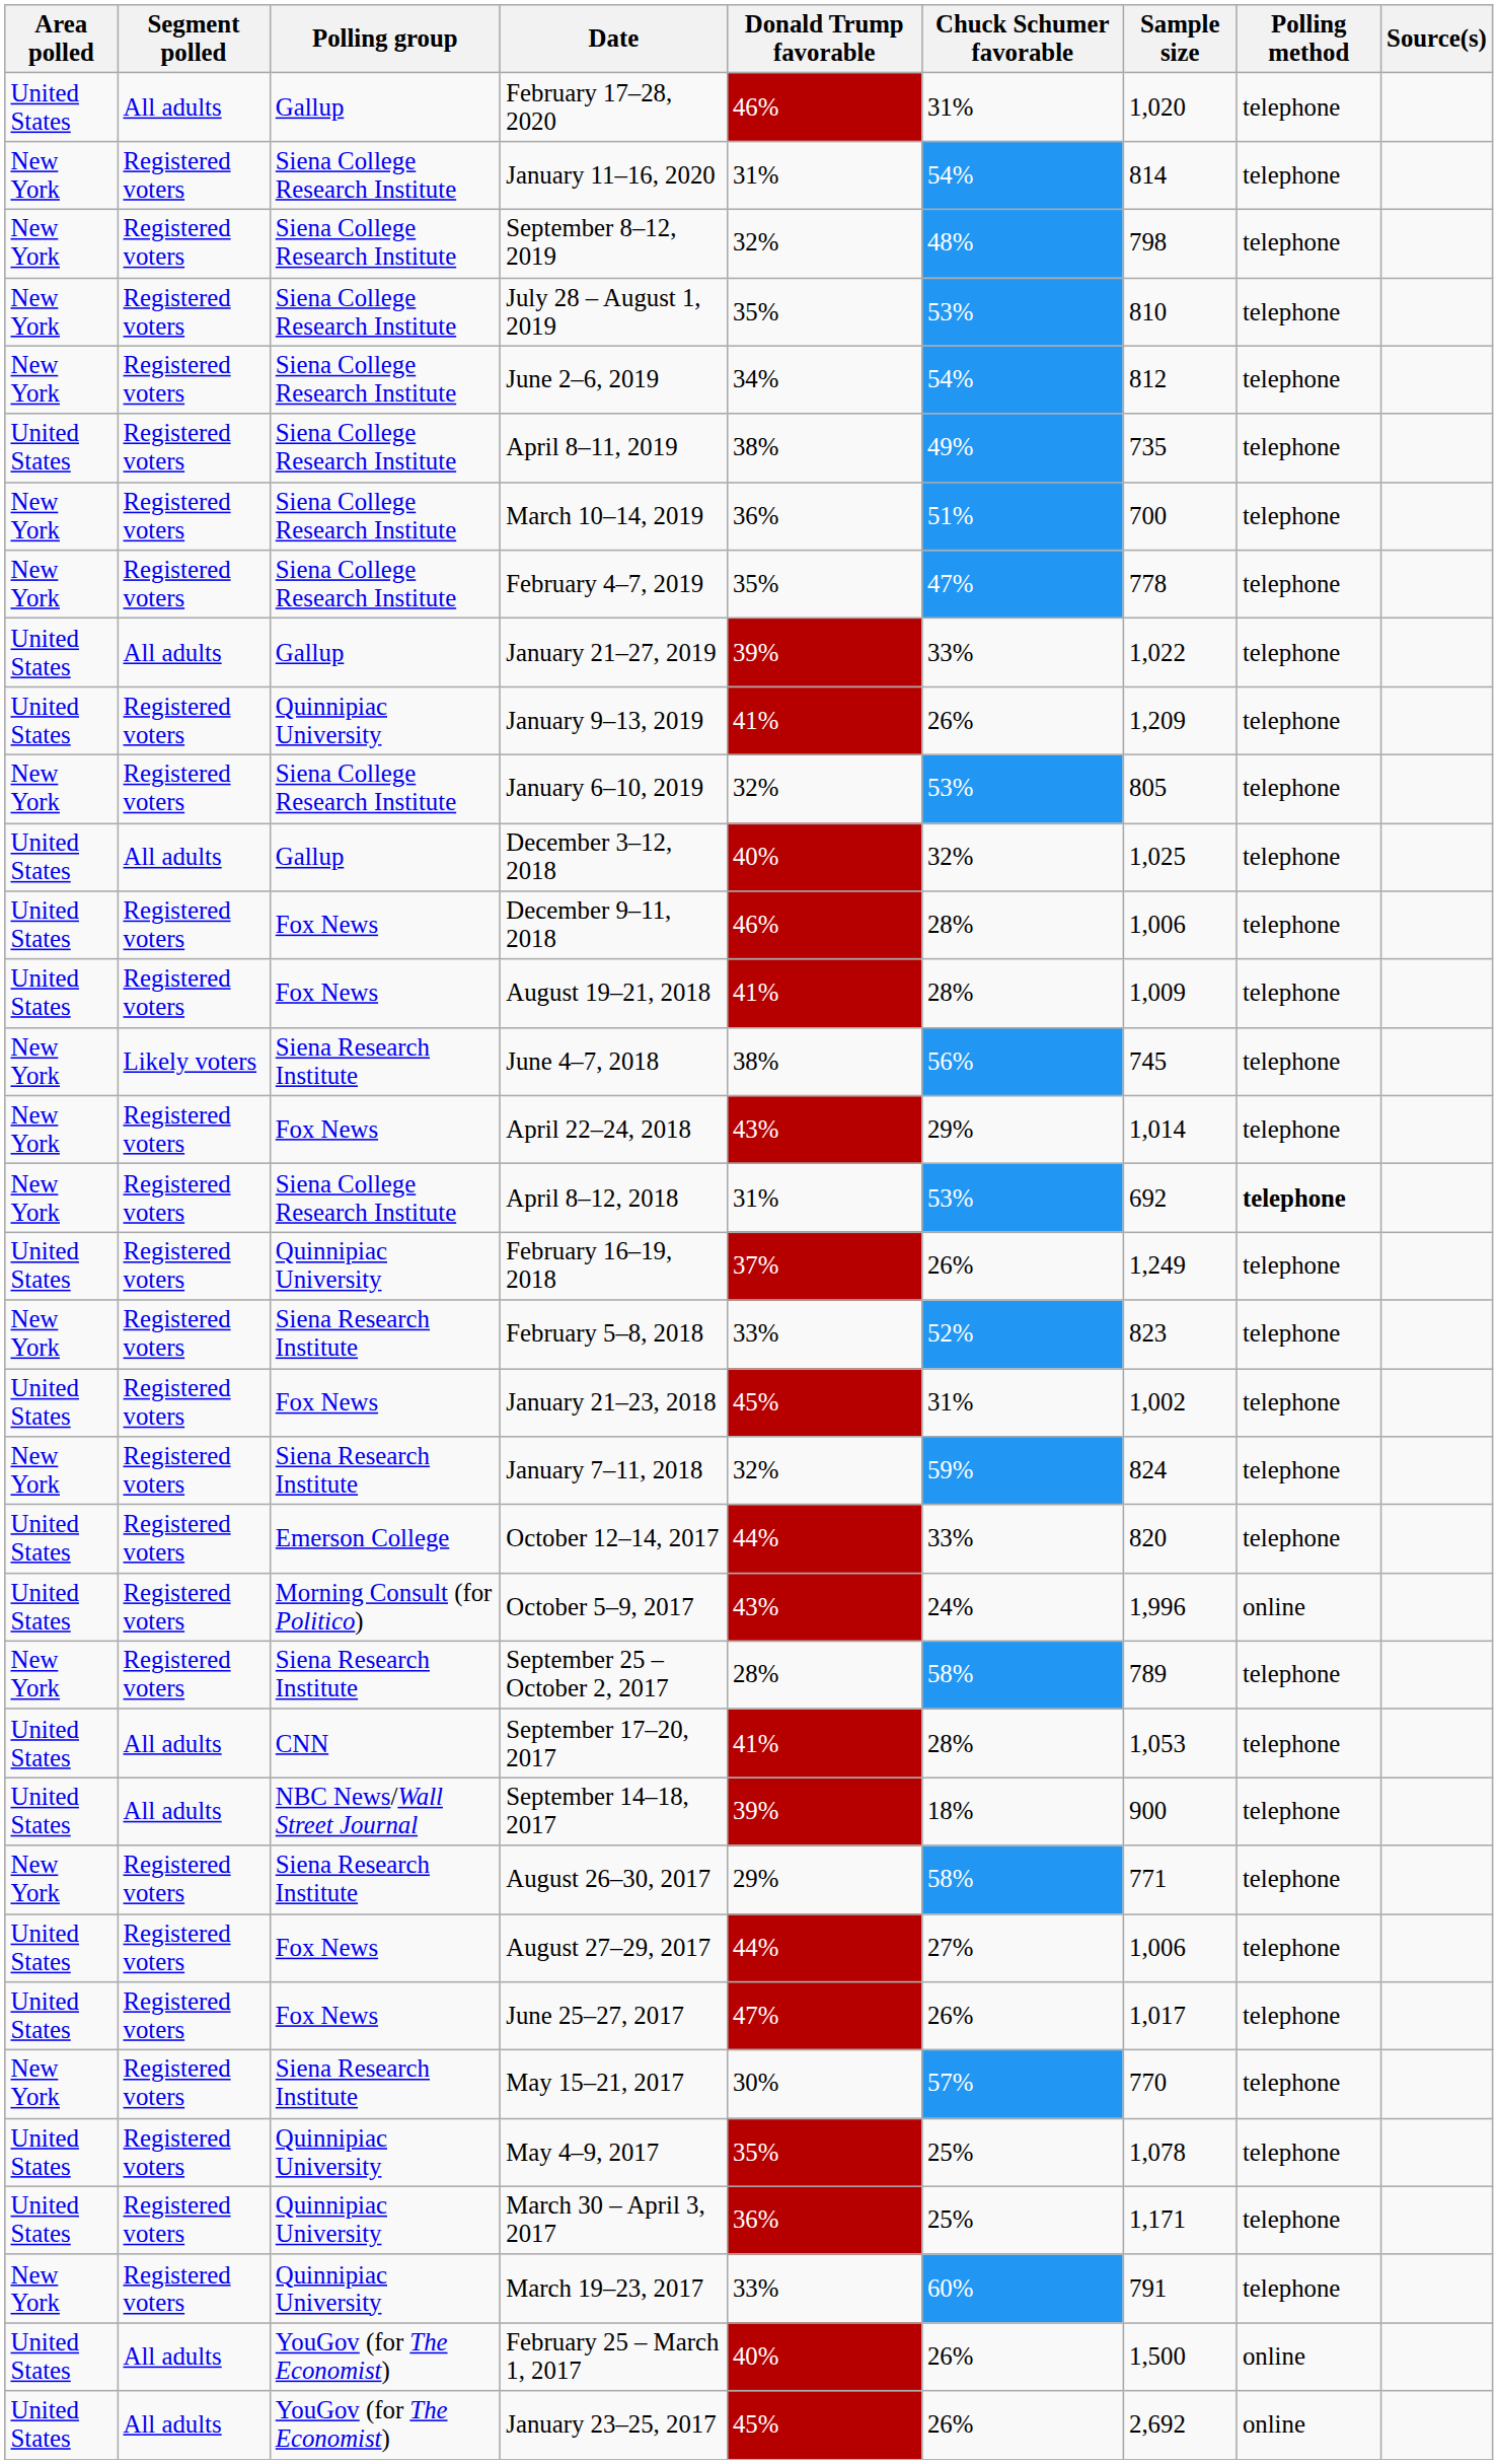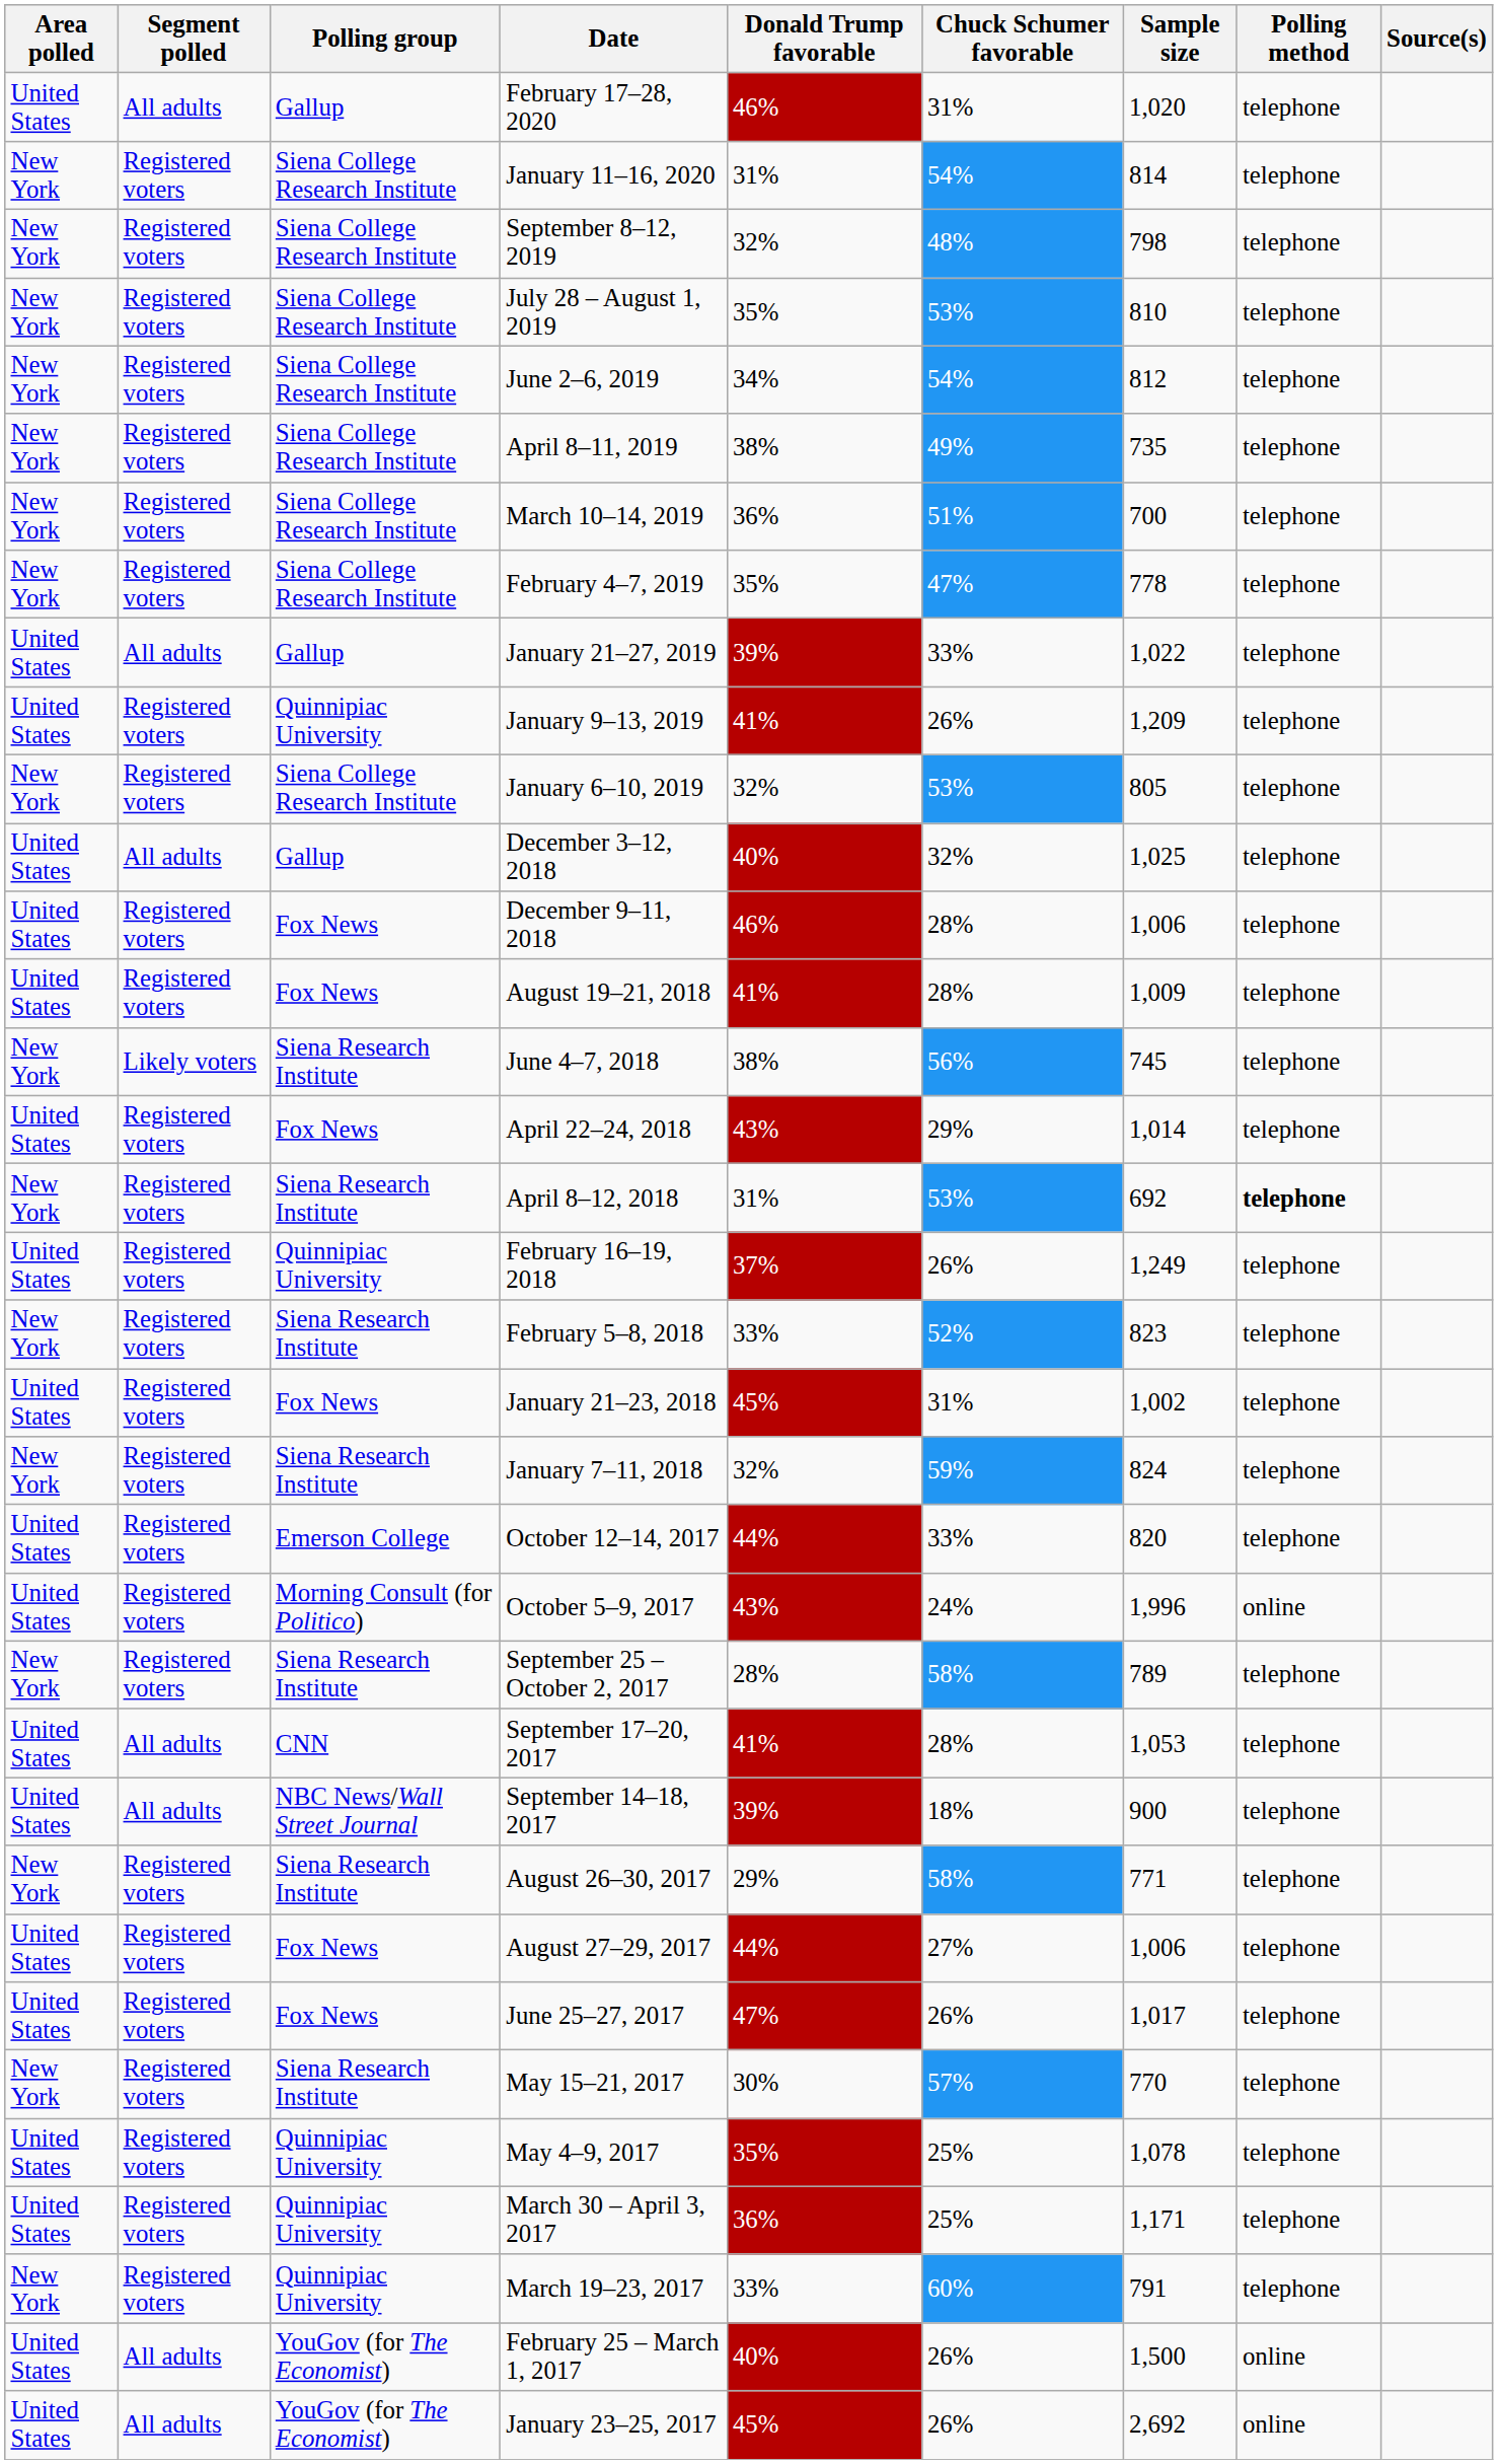 <table class="wikitable sortable" style="width: 75%;">
 <tr>
 <th>Area polled</th>
 <th>Segment polled</th>
 <th>Polling group</th>
 <th>Date</th>
 <th>Donald Trump favorable</th>
 <th>Chuck Schumer favorable</th>
 <th>Sample size</th>
 <th>Polling method</th>
 <th>Source(s)</th>
 </tr>
 <tr>
 <td> <a href='#'>United States</a></td>
 <td><a href='#'>All adults</a></td>
 <td><a href='#'>Gallup</a></td>
 <td>February 17–28, 2020</td>
 <td style="background:#B60000; color: white">46%</td>
 <td>31%</td>
 <td>1,020</td>
 <td>telephone</td>
 <td></td>
 </tr>
 <tr>
 <td> <a href='#'>New York</a></td>
 <td><a href='#'>Registered voters</a></td>
 <td><a href='#'>Siena College Research Institute</a></td>
 <td>January 11–16, 2020</td>
 <td>31%</td>
 <td style="background:#2196F3; color: white">54%</td>
 <td>814</td>
 <td>telephone</td>
 <td></td>
 </tr>
 <tr>
 <td> <a href='#'>New York</a></td>
 <td><a href='#'>Registered voters</a></td>
 <td><a href='#'>Siena College Research Institute</a></td>
 <td>September 8–12, 2019</td>
 <td>32%</td>
 <td style="background:#2196F3; color: white">48%</td>
 <td>798</td>
 <td>telephone</td>
 <td></td>
 </tr>
 <tr>
 <td> <a href='#'>New York</a></td>
 <td><a href='#'>Registered voters</a></td>
 <td><a href='#'>Siena College Research Institute</a></td>
 <td>July 28 – August 1, 2019</td>
 <td>35%</td>
 <td style="background:#2196F3; color: white">53%</td>
 <td>810</td>
 <td>telephone</td>
 <td></td>
 </tr>
 <tr>
 <td> <a href='#'>New York</a></td>
 <td><a href='#'>Registered voters</a></td>
 <td><a href='#'>Siena College Research Institute</a></td>
 <td>June 2–6, 2019</td>
 <td>34%</td>
 <td style="background:#2196F3; color: white">54%</td>
 <td>812</td>
 <td>telephone</td>
 <td></td>
 </tr>
 <tr>
-<td> <a href='#'>United States</a></td>
+<td> <a href='#'>New York</a></td>
 <td><a href='#'>Registered voters</a></td>
 <td><a href='#'>Siena College Research Institute</a></td>
 <td>April 8–11, 2019</td>
 <td>38%</td>
 <td style="background:#2196F3; color: white">49%</td>
 <td>735</td>
 <td>telephone</td>
 <td></td>
 </tr>
 <tr>
 <td> <a href='#'>New York</a></td>
 <td><a href='#'>Registered voters</a></td>
 <td><a href='#'>Siena College Research Institute</a></td>
 <td>March 10–14, 2019</td>
 <td>36%</td>
 <td style="background:#2196F3; color: white">51%</td>
 <td>700</td>
 <td>telephone</td>
 <td></td>
 </tr>
 <tr>
 <td> <a href='#'>New York</a></td>
 <td><a href='#'>Registered voters</a></td>
 <td><a href='#'>Siena College Research Institute</a></td>
 <td>February 4–7, 2019</td>
 <td>35%</td>
 <td style="background:#2196F3; color: white">47%</td>
 <td>778</td>
 <td>telephone</td>
 <td></td>
 </tr>
 <tr>
 <td> <a href='#'>United States</a></td>
 <td><a href='#'>All adults</a></td>
 <td><a href='#'>Gallup</a></td>
 <td>January 21–27, 2019</td>
 <td style="background:#B60000; color: white">39%</td>
 <td>33%</td>
 <td>1,022</td>
 <td>telephone</td>
 <td></td>
 </tr>
 <tr>
 <td> <a href='#'>United States</a></td>
 <td><a href='#'>Registered voters</a></td>
 <td><a href='#'>Quinnipiac University</a></td>
 <td>January 9–13, 2019</td>
 <td style="background:#B60000; color: white">41%</td>
 <td>26%</td>
 <td>1,209</td>
 <td>telephone</td>
 <td></td>
 </tr>
 <tr>
 <td> <a href='#'>New York</a></td>
 <td><a href='#'>Registered voters</a></td>
 <td><a href='#'>Siena College Research Institute</a></td>
 <td>January 6–10, 2019</td>
 <td>32%</td>
 <td style="background:#2196F3; color: white">53%</td>
 <td>805</td>
 <td>telephone</td>
 <td></td>
 </tr>
 <tr>
 <td> <a href='#'>United States</a></td>
 <td><a href='#'>All adults</a></td>
 <td><a href='#'>Gallup</a></td>
 <td>December 3–12, 2018</td>
 <td style="background:#B60000; color: white">40%</td>
 <td>32%</td>
 <td>1,025</td>
 <td>telephone</td>
 <td></td>
 </tr>
 <tr>
 <td> <a href='#'>United States</a></td>
 <td><a href='#'>Registered voters</a></td>
 <td><a href='#'>Fox News</a></td>
 <td>December 9–11, 2018</td>
 <td style="background:#B60000; color: white">46%</td>
 <td>28%</td>
 <td>1,006</td>
 <td>telephone</td>
 <td></td>
 </tr>
 <tr>
 <td> <a href='#'>United States</a></td>
 <td><a href='#'>Registered voters</a></td>
 <td><a href='#'>Fox News</a></td>
 <td>August 19–21, 2018</td>
 <td style="background:#B60000; color: white">41%</td>
 <td>28%</td>
 <td>1,009</td>
 <td>telephone</td>
 <td></td>
 </tr>
 <tr>
 <td> <a href='#'>New York</a></td>
 <td><a href='#'>Likely voters</a></td>
 <td><a href='#'>Siena Research Institute</a></td>
 <td>June 4–7, 2018</td>
 <td>38%</td>
 <td style="background:#2196F3; color: white">56%</td>
 <td>745</td>
 <td>telephone</td>
 <td></td>
 </tr>
 <tr>
-<td> <a href='#'>New York</a></td>
+<td> <a href='#'>United States</a></td>
 <td><a href='#'>Registered voters</a></td>
 <td><a href='#'>Fox News</a></td>
 <td>April 22–24, 2018</td>
 <td style="background:#B60000; color: white">43%</td>
 <td>29%</td>
 <td>1,014</td>
 <td>telephone</td>
 <td></td>
 </tr>
 <tr>
 <td> <a href='#'>New York</a></td>
 <td><a href='#'>Registered voters</a></td>
-<td><a href='#'>Siena College Research Institute</a></td>
+<td><a href='#'>Siena Research Institute</a></td>
 <td>April 8–12, 2018</td>
 <td>31%</td>
 <td style="background:#2196F3; color: white">53%</td>
 <td>692</td>
 <td><strong>telephone</strong></td>
 <td></td>
 </tr>
 <tr>
 <td> <a href='#'>United States</a></td>
 <td><a href='#'>Registered voters</a></td>
 <td><a href='#'>Quinnipiac University</a></td>
 <td>February 16–19, 2018</td>
 <td style="background:#B60000; color: white">37%</td>
 <td>26%</td>
 <td>1,249</td>
 <td>telephone</td>
 <td></td>
 </tr>
 <tr>
 <td> <a href='#'>New York</a></td>
 <td><a href='#'>Registered voters</a></td>
 <td><a href='#'>Siena Research Institute</a></td>
 <td>February 5–8, 2018</td>
 <td>33%</td>
 <td style="background:#2196F3; color: white">52%</td>
 <td>823</td>
 <td>telephone</td>
 <td></td>
 </tr>
 <tr>
 <td> <a href='#'>United States</a></td>
 <td><a href='#'>Registered voters</a></td>
 <td><a href='#'>Fox News</a></td>
 <td>January 21–23, 2018</td>
 <td style="background:#B60000; color: white">45%</td>
 <td>31%</td>
 <td>1,002</td>
 <td>telephone</td>
 <td></td>
 </tr>
 <tr>
 <td> <a href='#'>New York</a></td>
 <td><a href='#'>Registered voters</a></td>
 <td><a href='#'>Siena Research Institute</a></td>
 <td>January 7–11, 2018</td>
 <td>32%</td>
 <td style="background:#2196F3; color: white">59%</td>
 <td>824</td>
 <td>telephone</td>
 <td></td>
 </tr>
 <tr>
 <td> <a href='#'>United States</a></td>
 <td><a href='#'>Registered voters</a></td>
 <td><a href='#'>Emerson College</a></td>
 <td>October 12–14, 2017</td>
 <td style="background:#B60000; color: white">44%</td>
 <td>33%</td>
 <td>820</td>
 <td>telephone</td>
 <td></td>
 </tr>
 <tr>
 <td> <a href='#'>United States</a></td>
 <td><a href='#'>Registered voters</a></td>
 <td><a href='#'>Morning Consult</a> (for <em><a href='#'>Politico</a></em>)</td>
 <td>October 5–9, 2017</td>
 <td style="background:#B60000; color: white">43%</td>
 <td>24%</td>
 <td>1,996</td>
 <td>online</td>
 <td></td>
 </tr>
 <tr>
 <td> <a href='#'>New York</a></td>
 <td><a href='#'>Registered voters</a></td>
 <td><a href='#'>Siena Research Institute</a></td>
 <td>September 25 – October 2, 2017</td>
 <td>28%</td>
 <td style="background:#2196F3; color: white">58%</td>
 <td>789</td>
 <td>telephone</td>
 <td></td>
 </tr>
 <tr>
 <td> <a href='#'>United States</a></td>
 <td><a href='#'>All adults</a></td>
 <td><a href='#'>CNN</a></td>
 <td>September 17–20, 2017</td>
 <td style="background:#B60000; color: white">41%</td>
 <td>28%</td>
 <td>1,053</td>
 <td>telephone</td>
 <td></td>
 </tr>
 <tr>
 <td> <a href='#'>United States</a></td>
 <td><a href='#'>All adults</a></td>
 <td><a href='#'>NBC News</a>/<em><a href='#'>Wall Street Journal</a></em></td>
 <td>September 14–18, 2017</td>
 <td style="background:#B60000; color: white">39%</td>
 <td>18%</td>
 <td>900</td>
 <td>telephone</td>
 <td></td>
 </tr>
 <tr>
 <td> <a href='#'>New York</a></td>
 <td><a href='#'>Registered voters</a></td>
 <td><a href='#'>Siena Research Institute</a></td>
 <td>August 26–30, 2017</td>
 <td>29%</td>
 <td style="background:#2196F3; color: white">58%</td>
 <td>771</td>
 <td>telephone</td>
 <td></td>
 </tr>
 <tr>
 <td> <a href='#'>United States</a></td>
 <td><a href='#'>Registered voters</a></td>
 <td><a href='#'>Fox News</a></td>
 <td>August 27–29, 2017</td>
 <td style="background:#B60000; color: white">44%</td>
 <td>27%</td>
 <td>1,006</td>
 <td>telephone</td>
 <td></td>
 </tr>
 <tr>
 <td> <a href='#'>United States</a></td>
 <td><a href='#'>Registered voters</a></td>
 <td><a href='#'>Fox News</a></td>
 <td>June 25–27, 2017</td>
 <td style="background:#B60000; color: white">47%</td>
 <td>26%</td>
 <td>1,017</td>
 <td>telephone</td>
 <td></td>
 </tr>
 <tr>
 <td> <a href='#'>New York</a></td>
 <td><a href='#'>Registered voters</a></td>
 <td><a href='#'>Siena Research Institute</a></td>
 <td>May 15–21, 2017</td>
 <td>30%</td>
 <td style="background:#2196F3; color: white">57%</td>
 <td>770</td>
 <td>telephone</td>
 <td></td>
 </tr>
 <tr>
 <td> <a href='#'>United States</a></td>
 <td><a href='#'>Registered voters</a></td>
 <td><a href='#'>Quinnipiac University</a></td>
 <td>May 4–9, 2017</td>
 <td style="background:#B60000; color: white">35%</td>
 <td>25%</td>
 <td>1,078</td>
 <td>telephone</td>
 <td></td>
 </tr>
 <tr>
 <td> <a href='#'>United States</a></td>
 <td><a href='#'>Registered voters</a></td>
 <td><a href='#'>Quinnipiac University</a></td>
 <td>March 30 – April 3, 2017</td>
 <td style="background:#B60000; color: white">36%</td>
 <td>25%</td>
 <td>1,171</td>
 <td>telephone</td>
 <td></td>
 </tr>
 <tr>
 <td> <a href='#'>New York</a></td>
 <td><a href='#'>Registered voters</a></td>
 <td><a href='#'>Quinnipiac University</a></td>
 <td>March 19–23, 2017</td>
 <td>33%</td>
 <td style="background:#2196F3; color: white">60%</td>
 <td>791</td>
 <td>telephone</td>
 <td></td>
 </tr>
 <tr>
 <td> <a href='#'>United States</a></td>
 <td><a href='#'>All adults</a></td>
 <td><a href='#'>YouGov</a> (for <em><a href='#'>The Economist</a></em>)</td>
 <td>February 25 – March 1, 2017</td>
 <td style="background:#B60000; color: white">40%</td>
 <td>26%</td>
 <td>1,500</td>
 <td>online</td>
 <td></td>
 </tr>
 <tr>
 <td> <a href='#'>United States</a></td>
 <td><a href='#'>All adults</a></td>
 <td><a href='#'>YouGov</a> (for <em><a href='#'>The Economist</a></em>)</td>
 <td>January 23–25, 2017</td>
 <td style="background:#B60000; color: white">45%</td>
 <td>26%</td>
 <td>2,692</td>
 <td>online</td>
 <td></td>
 </tr>
 </table>
